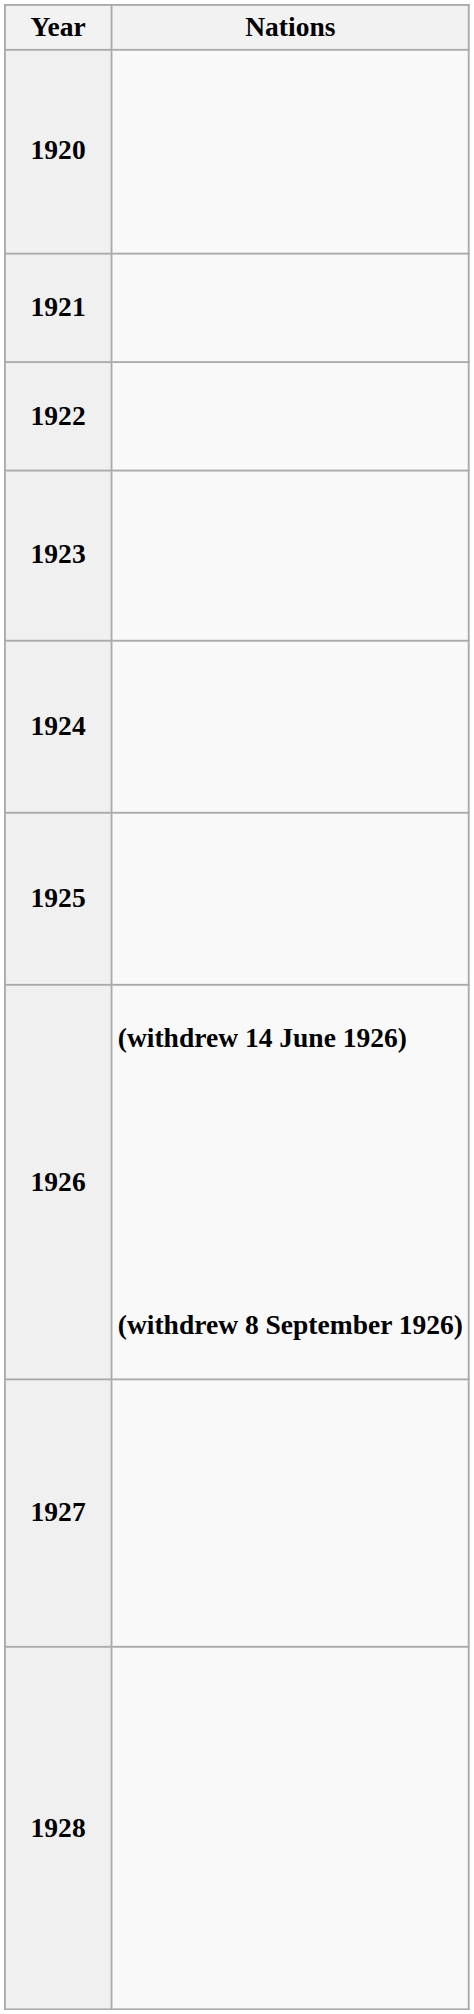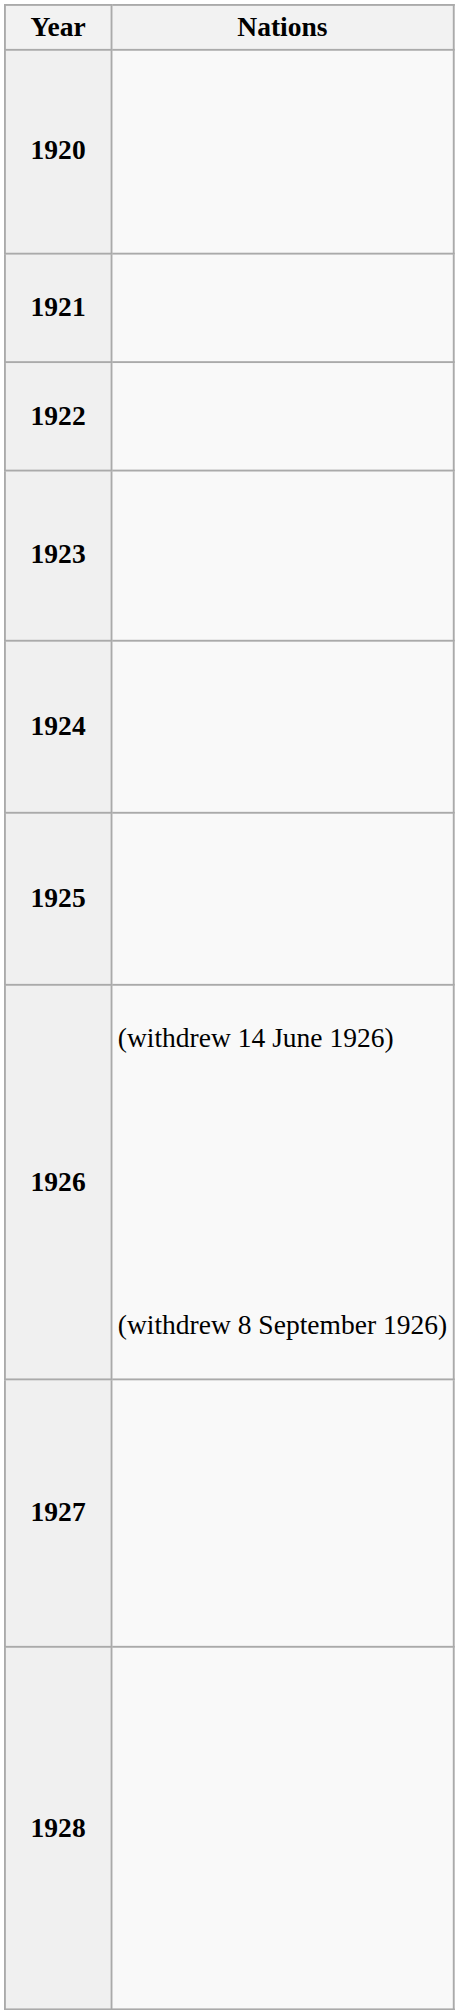 <table class="wikitable" style="text-align: center; font-size:92%">
 <tr>
 <th width=50>Year</th>
 <th>Nations</th>
 </tr>
 <tr>
 <td style="background: #f0f0f0"><strong>1920</strong></td>
 <td align=left><br><br><br><br><br><br></td>
 </tr>
 <tr>
 <td style="background: #f0f0f0"><strong>1921</strong></td>
 <td align=left><br><br><br></td>
 </tr>
 <tr>
 <td style="background: #f0f0f0"><strong>1922</strong></td>
 <td align=left><br><br><br></td>
 </tr>
 <tr>
 <td style="background: #f0f0f0"><strong>1923</strong></td>
 <td align=left><br><br><br><br><br></td>
 </tr>
 <tr>
 <td style="background: #f0f0f0"><strong>1924</strong></td>
 <td align=left><br><br><br><br><br></td>
 </tr>
 <tr>
 <td style="background: #f0f0f0"><strong>1925</strong></td>
 <td align=left><br><br><br><br><br></td>
 </tr>
 <tr>
 <td style="background: #f0f0f0"><strong>1926</strong></td>
-<td align=left><strong><br> (withdrew 14 June 1926)<br><br><br><br><br><br><br><br><br> (withdrew 8 September 1926)<br><br></strong></td>
+<td align=left><br> (withdrew 14 June 1926)<br><br><br><br><br><br><br><br><br> (withdrew 8 September 1926)<br><br></td>
 </tr>
 <tr>
 <td style="background: #f0f0f0"><strong>1927</strong></td>
 <td align=left><br><br><br><br><br><br><br><br></td>
 </tr>
 <tr>
 <td style="background: #f0f0f0"><strong>1928</strong></td>
 <td align=left><br><br><br><br><br><br><br><br><br><br><br></td>
 </tr>
 <tr>
 </tr>
 </table>
